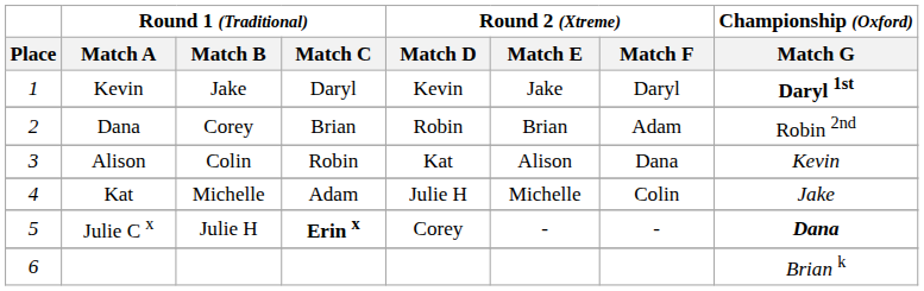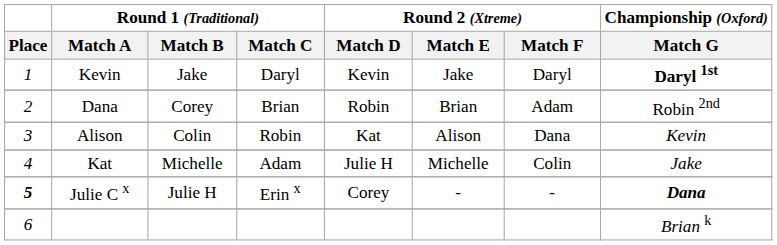 <table class="wikitable" style="text-align:center;">
 <tr>
 <th colspan="1" style="background: #ffffff;"></th>
 <th colspan="3" style="background: #ffffff;" style="border: 1px solid blue;">Round 1 <small><em>(Traditional)</em></small></th>
 <th colspan="3" style="background: #ffffff;" style="border: 1px solid red;">Round 2 <small><em>(Xtreme)</em></small></th>
 <th colspan="2" style="background: #ffffff;" style="border: 1px solid gold;">Championship <small><em>(Oxford)</em></small></th>
 </tr>
 <tr>
 <th style="width:10px;">Place</th>
 <th style="width:83px;">Match A</th>
 <th style="width:75px;">Match B</th>
 <th style="width:75px;">Match C</th>
 <th style="width:75px;">Match D</th>
 <th style="width:78px;">Match E</th>
 <th style="width:83px;">Match F</th>
 <th colspan="2">Match G</th>
 </tr>
 <tr style="background:#ffffff;">
 <td align=center><em>1</em></td>
 <td>Kevin</td>
 <td>Jake</td>
 <td>Daryl</td>
 <td>Kevin</td>
 <td>Jake</td>
 <td>Daryl</td>
 <td><strong>Daryl <sup>1st</sup></strong></td>
 </tr>
 <tr>
 </tr>
 <tr style="background:#ffffff;">
 <td align=center><em>2</em></td>
 <td>Dana</td>
 <td>Corey</td>
 <td>Brian</td>
 <td>Robin</td>
 <td>Brian</td>
 <td>Adam</td>
 <td>Robin <sup>2nd</sup></td>
 </tr>
 <tr>
 </tr>
 <tr style="background:#ffffff;">
 <td align=center><em>3</em></td>
 <td>Alison</td>
 <td>Colin</td>
 <td>Robin</td>
 <td>Kat</td>
 <td>Alison</td>
 <td>Dana</td>
 <td><em>Kevin</em></td>
 </tr>
 <tr>
 </tr>
 <tr style="background:#ffffff;">
 <td align=center><em>4</em></td>
 <td>Kat</td>
 <td>Michelle</td>
 <td>Adam</td>
 <td>Julie H</td>
 <td>Michelle</td>
 <td>Colin</td>
 <td><em>Jake</em></td>
 </tr>
 <tr>
 </tr>
 <tr style="background:#ffffff;">
-<td align=center><em>5</em></td>
+<td align=center><strong><em>5</em></strong></td>
 <td>Julie C <sup>x</sup></td>
 <td>Julie H</td>
-<td><strong>Erin <sup>x</sup></strong></td>
+<td>Erin <sup>x</sup></td>
 <td>Corey</td>
 <td>-</td>
 <td>-</td>
 <td><strong><em>Dana</em></strong></td>
 </tr>
 <tr>
 </tr>
 <tr style="background:#ffffff;">
 <td align=center><em>6</em></td>
 <td></td>
 <td></td>
 <td></td>
 <td></td>
 <td></td>
 <td></td>
 <td><em>Brian</em> <sup>k</sup></td>
 </tr>
 </table>
